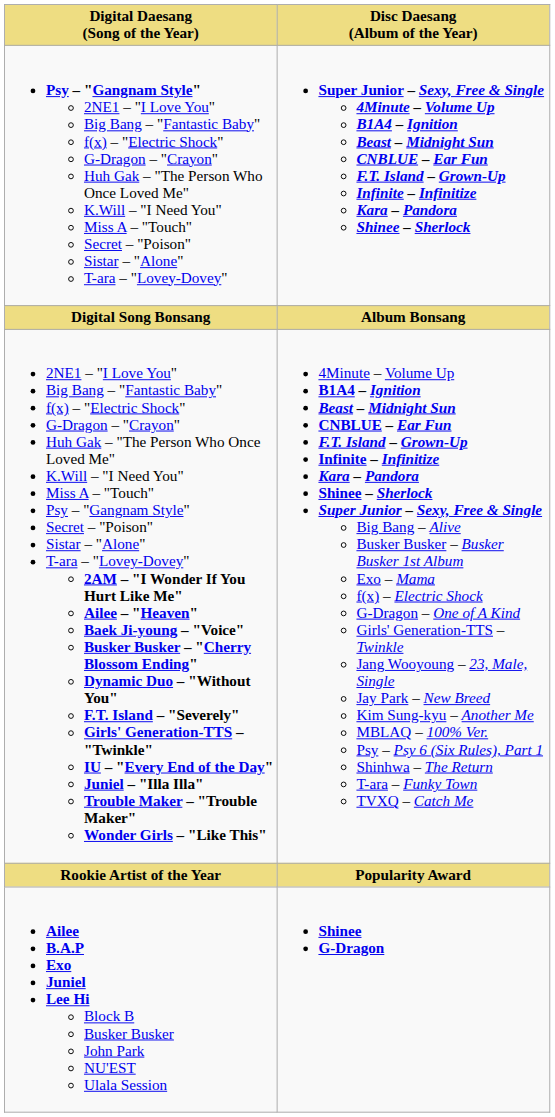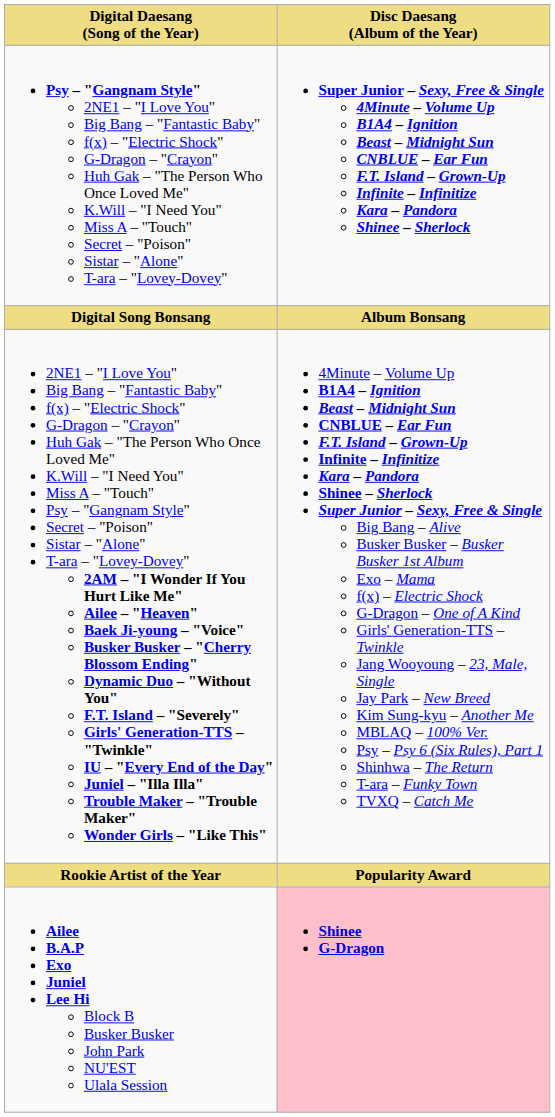 <table class="wikitable" style="width:65%">
 <tr>
 <th scope="col" style="background:#EEDD82; width:50%">Digital Daesang <br> (Song of the Year)</th>
 <th scope="col" style="background:#EEDD82; width:50%">Disc Daesang <br> (Album of the Year)</th>
 </tr>
 <tr>
 <td style="vertical-align:top"><br><ul><li><strong><a href='#'>Psy</a> – "<a href='#'>Gangnam Style</a>"</strong><ul><li><a href='#'>2NE1</a> – "<a href='#'>I Love You</a>"</li><li><a href='#'>Big Bang</a> – "<a href='#'>Fantastic Baby</a>"</li><li><a href='#'>f(x)</a> – "<a href='#'>Electric Shock</a>"</li><li><a href='#'>G-Dragon</a> – "<a href='#'>Crayon</a>"</li><li><a href='#'>Huh Gak</a> – "The Person Who Once Loved Me"</li><li><a href='#'>K.Will</a> – "I Need You"</li><li><a href='#'>Miss A</a> – "Touch"</li><li><a href='#'>Secret</a> – "Poison"</li><li><a href='#'>Sistar</a> – "<a href='#'>Alone</a>"</li><li><a href='#'>T-ara</a> – "<a href='#'>Lovey-Dovey</a>"</li></ul></li></ul></td>
 <td style="vertical-align:top"><br><ul><li><strong><a href='#'>Super Junior</a> – <em><a href='#'>Sexy, Free & Single</a><strong><em><ul><li><a href='#'>4Minute</a> – </em><a href='#'>Volume Up</a><em></li><li><a href='#'>B1A4</a> – </em><a href='#'>Ignition</a><em></li><li><a href='#'>Beast</a> – </em><a href='#'>Midnight Sun</a><em></li><li><a href='#'>CNBLUE</a> – </em><a href='#'>Ear Fun</a><em></li><li><a href='#'>F.T. Island</a> – </em><a href='#'>Grown-Up</a><em></li><li><a href='#'>Infinite</a> – </em><a href='#'>Infinitize</a><em></li><li><a href='#'>Kara</a> – </em><a href='#'>Pandora</a><em></li><li><a href='#'>Shinee</a> – </em><a href='#'>Sherlock</a><em></li></ul></li></ul></td>
 </tr>
 <tr>
 <th scope="col" style="background:#EEDD82; width:50%">Digital Song Bonsang</th>
 <th scope="col" style="background:#EEDD82; width:50%">Album Bonsang</th>
 </tr>
 <tr>
 <td style="vertical-align:top"><br><ul><li></strong><a href='#'>2NE1</a> – "<a href='#'>I Love You</a>"<strong></li><li></strong><a href='#'>Big Bang</a> – "<a href='#'>Fantastic Baby</a>"<strong></li><li></strong><a href='#'>f(x)</a> – "<a href='#'>Electric Shock</a>"<strong></li><li></strong><a href='#'>G-Dragon</a> – "<a href='#'>Crayon</a>"<strong></li><li></strong><a href='#'>Huh Gak</a> – "The Person Who Once Loved Me"<strong></li><li></strong><a href='#'>K.Will</a> – "I Need You"<strong></li><li></strong><a href='#'>Miss A</a> – "Touch"<strong></li><li></strong><a href='#'>Psy</a> – "<a href='#'>Gangnam Style</a>"<strong></li><li></strong><a href='#'>Secret</a> – "Poison"<strong></li><li></strong><a href='#'>Sistar</a> – "<a href='#'>Alone</a>"<strong></li><li></strong><a href='#'>T-ara</a> – "<a href='#'>Lovey-Dovey</a>"<strong><ul><li><a href='#'>2AM</a> – "I Wonder If You Hurt Like Me"</li><li><a href='#'>Ailee</a> – "<a href='#'>Heaven</a>"</li><li><a href='#'>Baek Ji-young</a> – "Voice"</li><li><a href='#'>Busker Busker</a> – "<a href='#'>Cherry Blossom Ending</a>"</li><li><a href='#'>Dynamic Duo</a> – "Without You"</li><li><a href='#'>F.T. Island</a> – "Severely"</li><li><a href='#'>Girls' Generation-TTS</a> – "Twinkle"</li><li><a href='#'>IU</a> – "<a href='#'>Every End of the Day</a>"</li><li><a href='#'>Juniel</a> – "Illa Illa"</li><li><a href='#'>Trouble Maker</a> – "Trouble Maker"</li><li><a href='#'>Wonder Girls</a> – "Like This"</li></ul></li></ul></td>
 <td style="vertical-align:top"><br><ul><li></strong><a href='#'>4Minute</a> – </em><a href='#'>Volume Up</a></em></strong></li><li><strong><a href='#'>B1A4</a> – <em><a href='#'>Ignition</a><strong><em></li><li></strong><a href='#'>Beast</a> – </em><a href='#'>Midnight Sun</a></em></strong></li><li><strong><a href='#'>CNBLUE</a> – <em><a href='#'>Ear Fun</a><strong><em></li><li></strong><a href='#'>F.T. Island</a> – </em><a href='#'>Grown-Up</a></em></strong></li><li><strong><a href='#'>Infinite</a> – <em><a href='#'>Infinitize</a><strong><em></li><li></strong><a href='#'>Kara</a> – </em><a href='#'>Pandora</a></em></strong></li><li><strong><a href='#'>Shinee</a> – <em><a href='#'>Sherlock</a><strong><em></li><li></strong><a href='#'>Super Junior</a> – </em><a href='#'>Sexy, Free & Single</a></em></strong><ul><li><a href='#'>Big Bang</a> – <em><a href='#'>Alive</a></em></li><li><a href='#'>Busker Busker</a> – <em><a href='#'>Busker Busker 1st Album</a></em></li><li><a href='#'>Exo</a> – <em><a href='#'>Mama</a></em></li><li><a href='#'>f(x)</a> – <em><a href='#'>Electric Shock</a></em></li><li><a href='#'>G-Dragon</a> – <em><a href='#'>One of A Kind</a></em></li><li><a href='#'>Girls' Generation-TTS</a> – <em><a href='#'>Twinkle</a></em></li><li><a href='#'>Jang Wooyoung</a> – <em><a href='#'>23, Male, Single</a></em></li><li><a href='#'>Jay Park</a> – <em><a href='#'>New Breed</a></em></li><li><a href='#'>Kim Sung-kyu</a> – <em><a href='#'>Another Me</a></em></li><li><a href='#'>MBLAQ</a> – <em><a href='#'>100% Ver.</a></em></li><li><a href='#'>Psy</a> – <em><a href='#'>Psy 6 (Six Rules), Part 1</a></em></li><li><a href='#'>Shinhwa</a> – <em><a href='#'>The Return</a></em></li><li><a href='#'>T-ara</a> – <em><a href='#'>Funky Town</a></em></li><li><a href='#'>TVXQ</a> – <em><a href='#'>Catch Me</a></em></li></ul></li></ul></td>
 </tr>
 <tr>
 <th scope="col" style="background:#EEDD82; width:50%">Rookie Artist of the Year</th>
 <th scope="col" style="background:#EEDD82; width:50%">Popularity Award</th>
 </tr>
 <tr>
 <td style="vertical-align:top"><br><ul><li><strong><a href='#'>Ailee</a></strong></li><li><a href='#'><strong>B.A.P</strong></a></li><li><strong><a href='#'>Exo</a></strong></li><li><strong><a href='#'>Juniel</a></strong></li><li><strong><a href='#'>Lee Hi</a></strong><ul><li><a href='#'>Block B</a></li><li><a href='#'>Busker Busker</a></li><li><a href='#'>John Park</a></li><li><a href='#'>NU'EST</a></li><li><a href='#'>Ulala Session</a></li></ul></li></ul></td>
-<td style="vertical-align:top"><br><ul><li><strong><a href='#'>Shinee</a></strong></li><li><strong><a href='#'>G-Dragon</a></strong></li></ul></td>
+<td style="background: pink; vertical-align:top"><br><ul><li><strong><a href='#'>Shinee</a></strong></li><li><strong><a href='#'>G-Dragon</a></strong></li></ul></td>
 </tr>
 </table>
